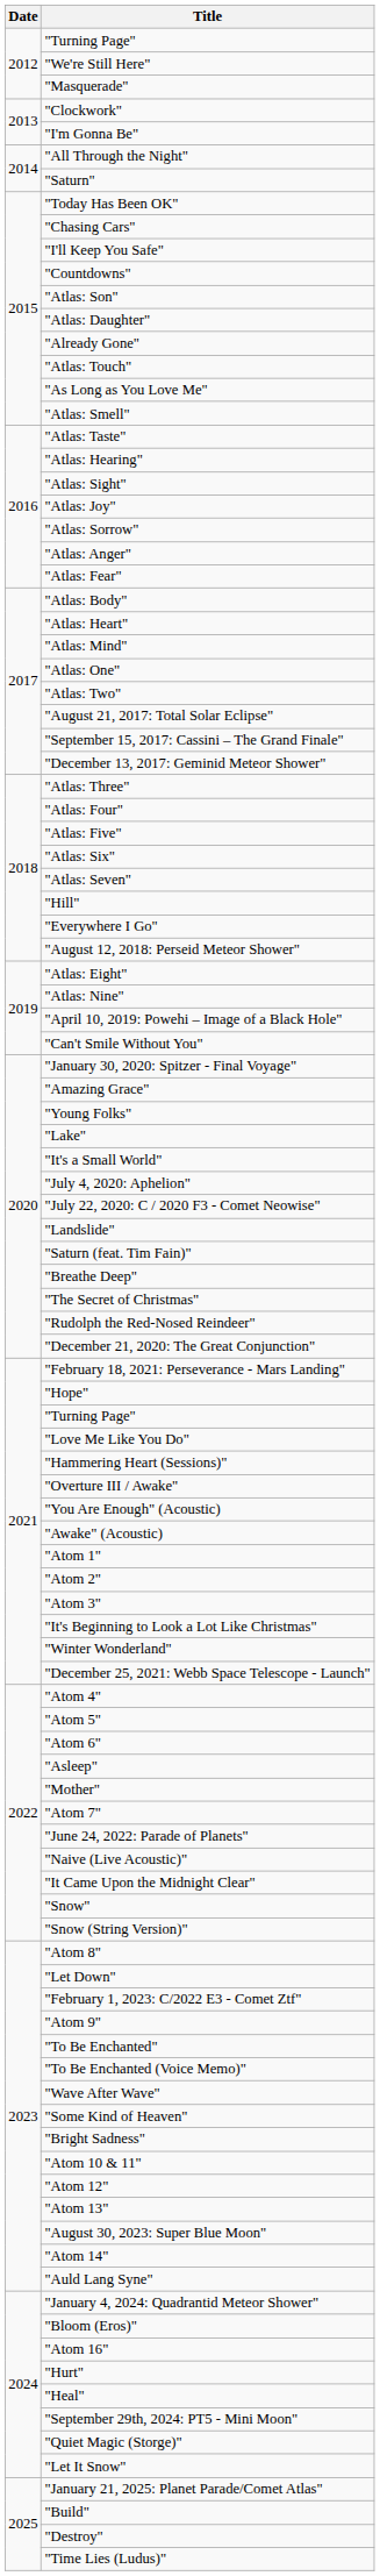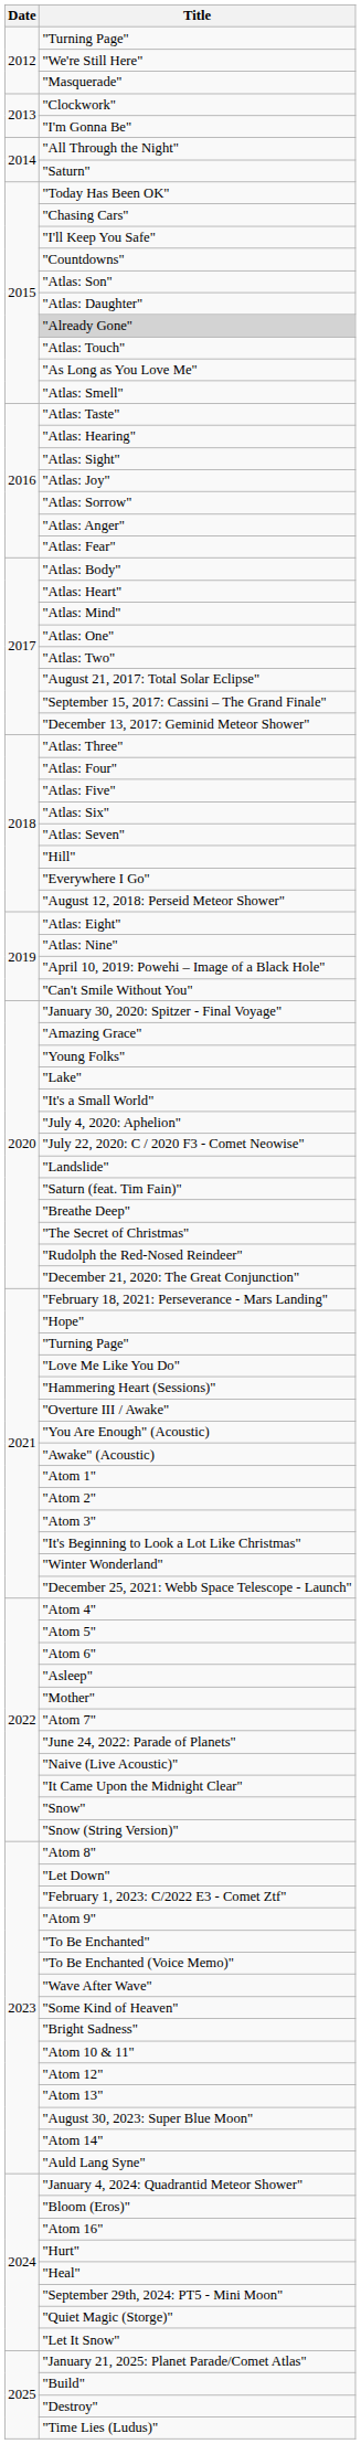 <table class="wikitable">
 <tr>
 <th>Date</th>
 <th>Title</th>
 </tr>
 <tr>
 <td rowspan="3">2012</td>
 <td>"Turning Page"</td>
 </tr>
 <tr>
 <td>"We're Still Here"</td>
 </tr>
 <tr>
 <td>"Masquerade"</td>
 </tr>
 <tr>
 <td rowspan="2">2013</td>
 <td>"Clockwork"</td>
 </tr>
 <tr>
 <td>"I'm Gonna Be"</td>
 </tr>
 <tr>
 <td rowspan="2">2014</td>
 <td>"All Through the Night"</td>
 </tr>
 <tr>
 <td>"Saturn"</td>
 </tr>
 <tr>
 <td rowspan="10">2015</td>
 <td>"Today Has Been OK"</td>
 </tr>
 <tr>
 <td>"Chasing Cars"</td>
 </tr>
 <tr>
 <td>"I'll Keep You Safe"</td>
 </tr>
 <tr>
 <td>"Countdowns"</td>
 </tr>
 <tr>
 <td>"Atlas: Son"</td>
 </tr>
 <tr>
 <td>"Atlas: Daughter"</td>
 </tr>
 <tr>
-<td>"Already Gone"</td>
+<td style="background: lightgrey;">"Already Gone"</td>
 </tr>
 <tr>
 <td>"Atlas: Touch"</td>
 </tr>
 <tr>
 <td>"As Long as You Love Me"</td>
 </tr>
 <tr>
 <td>"Atlas: Smell"</td>
 </tr>
 <tr>
 <td rowspan="7">2016</td>
 <td>"Atlas: Taste"</td>
 </tr>
 <tr>
 <td>"Atlas: Hearing"</td>
 </tr>
 <tr>
 <td>"Atlas: Sight"</td>
 </tr>
 <tr>
 <td>"Atlas: Joy"</td>
 </tr>
 <tr>
 <td>"Atlas: Sorrow"</td>
 </tr>
 <tr>
 <td>"Atlas: Anger"</td>
 </tr>
 <tr>
 <td>"Atlas: Fear"</td>
 </tr>
 <tr>
 <td rowspan="8">2017</td>
 <td>"Atlas: Body"</td>
 </tr>
 <tr>
 <td>"Atlas: Heart"</td>
 </tr>
 <tr>
 <td>"Atlas: Mind"</td>
 </tr>
 <tr>
 <td>"Atlas: One"</td>
 </tr>
 <tr>
 <td>"Atlas: Two"</td>
 </tr>
 <tr>
 <td>"August 21, 2017: Total Solar Eclipse"</td>
 </tr>
 <tr>
 <td>"September 15, 2017: Cassini – The Grand Finale"</td>
 </tr>
 <tr>
 <td>"December 13, 2017: Geminid Meteor Shower"</td>
 </tr>
 <tr>
 <td rowspan="8">2018</td>
 <td>"Atlas: Three"</td>
 </tr>
 <tr>
 <td>"Atlas: Four"</td>
 </tr>
 <tr>
 <td>"Atlas: Five"</td>
 </tr>
 <tr>
 <td>"Atlas: Six"</td>
 </tr>
 <tr>
 <td>"Atlas: Seven"</td>
 </tr>
 <tr>
 <td>"Hill"</td>
 </tr>
 <tr>
 <td>"Everywhere I Go"</td>
 </tr>
 <tr>
 <td>"August 12, 2018: Perseid Meteor Shower"</td>
 </tr>
 <tr>
 <td rowspan="4">2019</td>
 <td>"Atlas: Eight"</td>
 </tr>
 <tr>
 <td>"Atlas: Nine"</td>
 </tr>
 <tr>
 <td>"April 10, 2019: Powehi – Image of a Black Hole"</td>
 </tr>
 <tr>
 <td>"Can't Smile Without You"</td>
 </tr>
 <tr>
 <td rowspan="13">2020</td>
 <td>"January 30, 2020: Spitzer - Final Voyage"</td>
 </tr>
 <tr>
 <td>"Amazing Grace"</td>
 </tr>
 <tr>
 <td>"Young Folks"</td>
 </tr>
 <tr>
 <td>"Lake"</td>
 </tr>
 <tr>
 <td>"It's a Small World"</td>
 </tr>
 <tr>
 <td>"July 4, 2020: Aphelion"</td>
 </tr>
 <tr>
 <td>"July 22, 2020: C / 2020 F3 - Comet Neowise"</td>
 </tr>
 <tr>
 <td>"Landslide"</td>
 </tr>
 <tr>
 <td>"Saturn (feat. Tim Fain)"</td>
 </tr>
 <tr>
 <td>"Breathe Deep"</td>
 </tr>
 <tr>
 <td>"The Secret of Christmas"</td>
 </tr>
 <tr>
 <td>"Rudolph the Red-Nosed Reindeer"</td>
 </tr>
 <tr>
 <td>"December 21, 2020: The Great Conjunction"</td>
 </tr>
 <tr>
 <td rowspan="14">2021</td>
 <td>"February 18, 2021: Perseverance - Mars Landing"</td>
 </tr>
 <tr>
 <td>"Hope"</td>
 </tr>
 <tr>
 <td>"Turning Page"</td>
 </tr>
 <tr>
 <td>"Love Me Like You Do"</td>
 </tr>
 <tr>
 <td>"Hammering Heart (Sessions)"</td>
 </tr>
 <tr>
 <td>"Overture III / Awake"</td>
 </tr>
 <tr>
 <td>"You Are Enough" (Acoustic)</td>
 </tr>
 <tr>
 <td>"Awake" (Acoustic)</td>
 </tr>
 <tr>
 <td>"Atom 1"</td>
 </tr>
 <tr>
 <td>"Atom 2"</td>
 </tr>
 <tr>
 <td>"Atom 3"</td>
 </tr>
 <tr>
 <td>"It's Beginning to Look a Lot Like Christmas"</td>
 </tr>
 <tr>
 <td>"Winter Wonderland"</td>
 </tr>
 <tr>
 <td>"December 25, 2021: Webb Space Telescope - Launch"</td>
 </tr>
 <tr>
 <td rowspan="11">2022</td>
 <td>"Atom 4"</td>
 </tr>
 <tr>
 <td>"Atom 5"</td>
 </tr>
 <tr>
 <td>"Atom 6"</td>
 </tr>
 <tr>
 <td>"Asleep"</td>
 </tr>
 <tr>
 <td>"Mother"</td>
 </tr>
 <tr>
 <td>"Atom 7"</td>
 </tr>
 <tr>
 <td>"June 24, 2022: Parade of Planets"</td>
 </tr>
 <tr>
 <td>"Naive (Live Acoustic)"</td>
 </tr>
 <tr>
 <td>"It Came Upon the Midnight Clear"</td>
 </tr>
 <tr>
 <td>"Snow"</td>
 </tr>
 <tr>
 <td>"Snow (String Version)"</td>
 </tr>
 <tr>
 <td rowspan="15">2023</td>
 <td>"Atom 8"</td>
 </tr>
 <tr>
 <td>"Let Down"</td>
 </tr>
 <tr>
 <td>"February 1, 2023: C/2022 E3 - Comet Ztf"</td>
 </tr>
 <tr>
 <td>"Atom 9"</td>
 </tr>
 <tr>
 <td>"To Be Enchanted"</td>
 </tr>
 <tr>
 <td>"To Be Enchanted (Voice Memo)"</td>
 </tr>
 <tr>
 <td>"Wave After Wave"</td>
 </tr>
 <tr>
 <td>"Some Kind of Heaven"</td>
 </tr>
 <tr>
 <td>"Bright Sadness"</td>
 </tr>
 <tr>
 <td>"Atom 10 & 11"</td>
 </tr>
 <tr>
 <td>"Atom 12"</td>
 </tr>
 <tr>
 <td>"Atom 13"</td>
 </tr>
 <tr>
 <td>"August 30, 2023: Super Blue Moon"</td>
 </tr>
 <tr>
 <td>"Atom 14"</td>
 </tr>
 <tr>
 <td>"Auld Lang Syne"</td>
 </tr>
 <tr>
 <td rowspan="8">2024</td>
 <td>"January 4, 2024: Quadrantid Meteor Shower"</td>
 </tr>
 <tr>
 <td>"Bloom (Eros)"</td>
 </tr>
 <tr>
 <td>"Atom 16"</td>
 </tr>
 <tr>
 <td>"Hurt"</td>
 </tr>
 <tr>
 <td>"Heal"</td>
 </tr>
 <tr>
 <td>"September 29th, 2024: PT5 - Mini Moon"</td>
 </tr>
 <tr>
 <td>"Quiet Magic (Storge)"</td>
 </tr>
 <tr>
 <td>"Let It Snow"</td>
 </tr>
 <tr>
 <td rowspan="4">2025</td>
 <td>"January 21, 2025: Planet Parade/Comet Atlas"</td>
 </tr>
 <tr>
 <td>"Build"</td>
 </tr>
 <tr>
 <td>"Destroy"</td>
 </tr>
 <tr>
 <td>"Time Lies (Ludus)"</td>
 </tr>
 </table>
